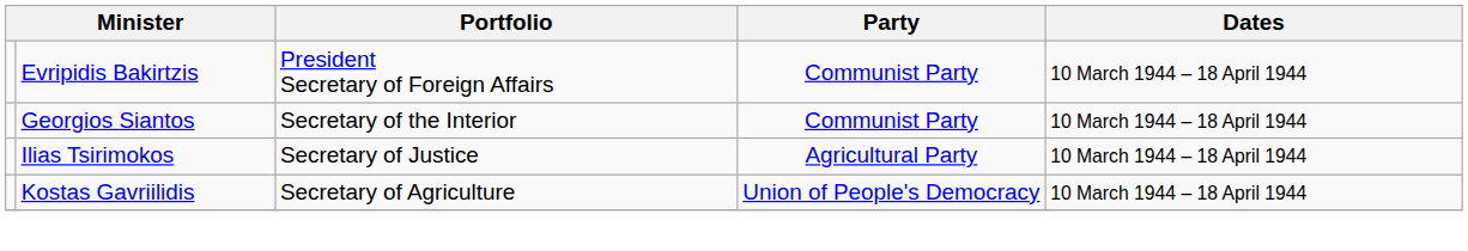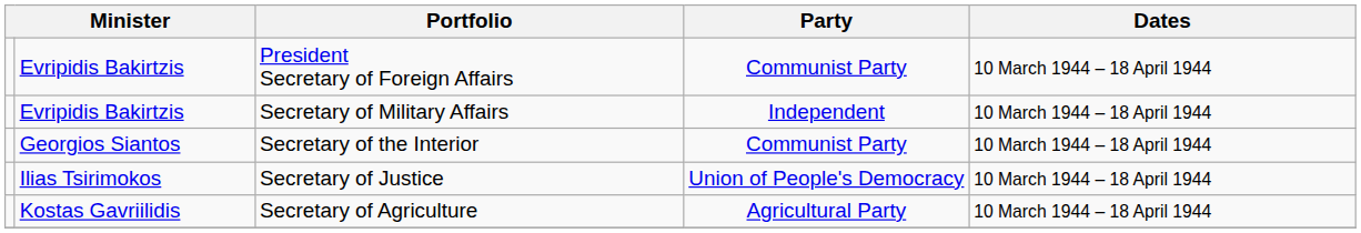 <table class="wikitable">
 <tr>
 <th colspan="2">Minister</th>
 <th>Portfolio</th>
 <th>Party</th>
 <th>Dates</th>
 </tr>
 <tr>
 <td style="background: "></td>
 <td style="width:11em;"><a href='#'>Evripidis Bakirtzis</a></td>
 <td style="width:20em;"><a href='#'>President</a><br>Secretary of Foreign Affairs</td>
 <td style="text-align:center"><a href='#'>Communist Party</a></td>
 <td style="width:18em;"><small>10 March 1944 – 18 April 1944</small></td>
 </tr>
 <tr>
 <td style="background: "></td>
+<td style="width:11em;"><a href='#'>Evripidis Bakirtzis</a></td>
+<td style="width:20em;">Secretary of Military Affairs</td>
+<td style="text-align:center"><a href='#'>Independent</a></td>
+<td style="width:18em;"><small>10 March 1944 – 18 April 1944</small></td>
+</tr>
+<tr>
+<td style="background: "></td>
 <td style="width:11em;"><a href='#'>Georgios Siantos</a></td>
 <td style="width:20em;">Secretary of the Interior</td>
 <td style="text-align:center"><a href='#'>Communist Party</a></td>
 <td style="width:18em;"><small>10 March 1944 – 18 April 1944</small></td>
 </tr>
 <tr>
 <td style="background: "></td>
 <td style="width:11em;"><a href='#'>Ilias Tsirimokos</a></td>
 <td style="width:20em;">Secretary of Justice</td>
-<td style="text-align:center"><a href='#'>Agricultural Party</a></td>
+<td style="text-align:center"><a href='#'>Union of People's Democracy</a></td>
 <td style="width:18em;"><small>10 March 1944 – 18 April 1944</small></td>
 </tr>
 <tr>
 <td style="background: "></td>
 <td style="width:11em;"><a href='#'>Kostas Gavriilidis</a></td>
 <td style="width:20em;">Secretary of Agriculture</td>
-<td style="text-align:center"><a href='#'>Union of People's Democracy</a></td>
+<td style="text-align:center"><a href='#'>Agricultural Party</a></td>
 <td style="width:18em;"><small>10 March 1944 – 18 April 1944</small></td>
 </tr>
 <tr>
 </tr>
 </table>
